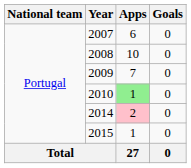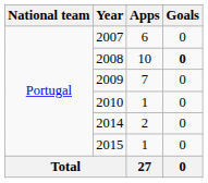 <table class="wikitable" style="text-align:center">
 <tr>
 <th>National team</th>
 <th>Year</th>
 <th>Apps</th>
 <th>Goals</th>
 </tr>
 <tr>
 <td rowspan="6"><a href='#'>Portugal</a></td>
 <td>2007</td>
 <td>6</td>
 <td>0</td>
 </tr>
 <tr>
 <td>2008</td>
 <td>10</td>
-<td>0</td>
+<td><strong>0</strong></td>
 </tr>
 <tr>
 <td>2009</td>
 <td>7</td>
 <td>0</td>
 </tr>
 <tr>
 <td>2010</td>
-<td style="background: lightgreen;">1</td>
+<td>1</td>
 <td>0</td>
 </tr>
 <tr>
 <td>2014</td>
-<td style="background: pink;">2</td>
+<td>2</td>
 <td>0</td>
 </tr>
 <tr>
 <td>2015</td>
 <td>1</td>
 <td>0</td>
 </tr>
 <tr>
 <th colspan="2">Total</th>
 <th>27</th>
 <th>0</th>
 </tr>
 </table>
